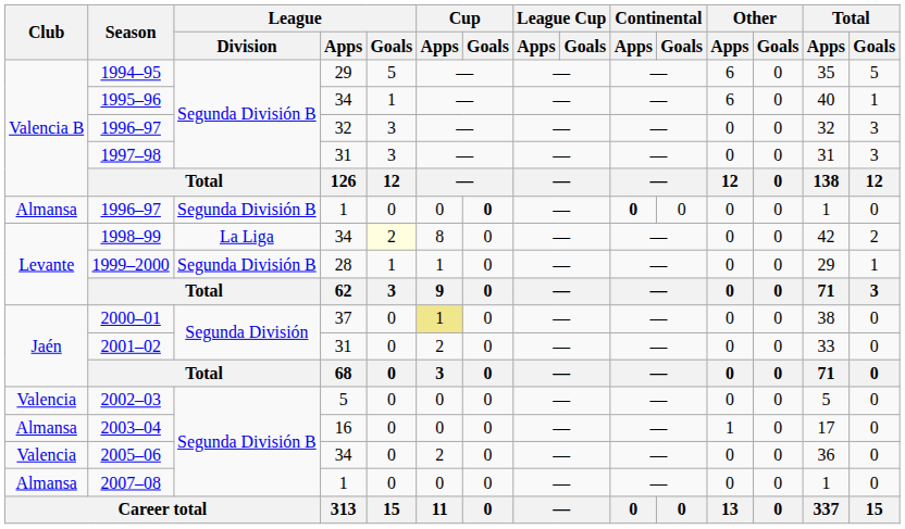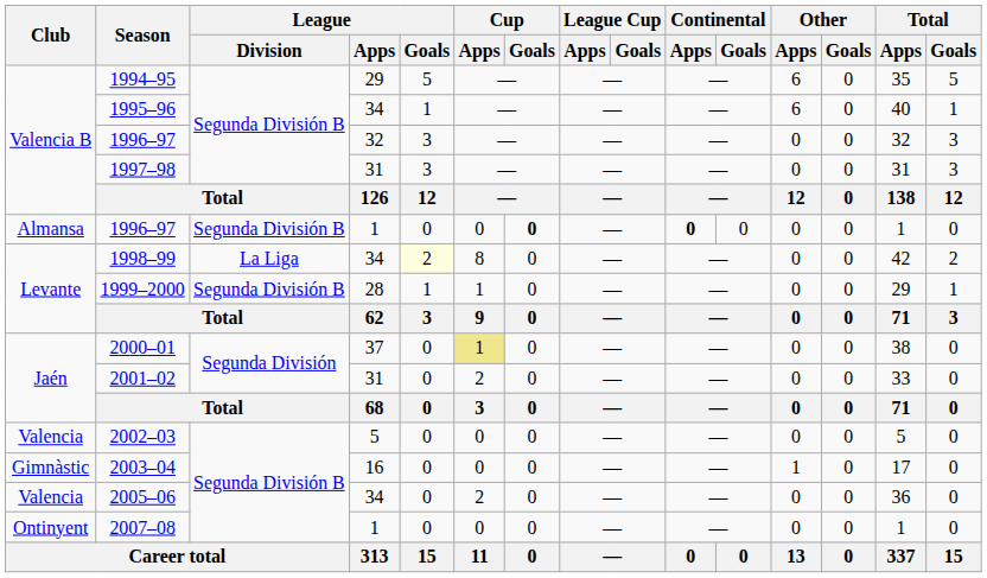 <table class="wikitable" style="text-align:center">
 <tr>
 <th rowspan="2">Club</th>
 <th rowspan="2">Season</th>
 <th colspan="3">League</th>
 <th colspan="2">Cup</th>
 <th colspan="2">League Cup</th>
 <th colspan="2">Continental</th>
 <th colspan="2">Other</th>
 <th colspan="2">Total</th>
 </tr>
 <tr>
 <th>Division</th>
 <th>Apps</th>
 <th>Goals</th>
 <th>Apps</th>
 <th>Goals</th>
 <th>Apps</th>
 <th>Goals</th>
 <th>Apps</th>
 <th>Goals</th>
 <th>Apps</th>
 <th>Goals</th>
 <th>Apps</th>
 <th>Goals</th>
 </tr>
 <tr>
 <td rowspan="5"><a href='#'>Valencia B</a></td>
 <td><a href='#'>1994–95</a></td>
 <td rowspan="4"><a href='#'>Segunda División B</a></td>
 <td>29</td>
 <td>5</td>
 <td colspan="2">—</td>
 <td colspan="2">—</td>
 <td colspan="2">—</td>
 <td>6</td>
 <td>0</td>
 <td>35</td>
 <td>5</td>
 </tr>
 <tr>
 <td><a href='#'>1995–96</a></td>
 <td>34</td>
 <td>1</td>
 <td colspan="2">—</td>
 <td colspan="2">—</td>
 <td colspan="2">—</td>
 <td>6</td>
 <td>0</td>
 <td>40</td>
 <td>1</td>
 </tr>
 <tr>
 <td><a href='#'>1996–97</a></td>
 <td>32</td>
 <td>3</td>
 <td colspan="2">—</td>
 <td colspan="2">—</td>
 <td colspan="2">—</td>
 <td>0</td>
 <td>0</td>
 <td>32</td>
 <td>3</td>
 </tr>
 <tr>
 <td><a href='#'>1997–98</a></td>
 <td>31</td>
 <td>3</td>
 <td colspan="2">—</td>
 <td colspan="2">—</td>
 <td colspan="2">—</td>
 <td>0</td>
 <td>0</td>
 <td>31</td>
 <td>3</td>
 </tr>
 <tr>
 <th colspan="2">Total</th>
 <th>126</th>
 <th>12</th>
 <th colspan="2">—</th>
 <th colspan="2">—</th>
 <th colspan="2">—</th>
 <th>12</th>
 <th>0</th>
 <th>138</th>
 <th>12</th>
 </tr>
 <tr>
 <td rowspan="1"><a href='#'>Almansa</a></td>
 <td><a href='#'>1996–97</a></td>
 <td rowspan="1"><a href='#'>Segunda División B</a></td>
 <td>1</td>
 <td>0</td>
 <td>0</td>
 <td><strong>0</strong></td>
 <td colspan="2">—</td>
 <td><strong>0</strong></td>
 <td>0</td>
 <td>0</td>
 <td>0</td>
 <td>1</td>
 <td>0</td>
 </tr>
 <tr>
 <td rowspan="3"><a href='#'>Levante</a></td>
 <td><a href='#'>1998–99</a></td>
 <td rowspan="1"><a href='#'>La Liga</a></td>
 <td>34</td>
 <td style="background: lightyellow;">2</td>
 <td>8</td>
 <td>0</td>
 <td colspan="2">—</td>
 <td colspan="2">—</td>
 <td>0</td>
 <td>0</td>
 <td>42</td>
 <td>2</td>
 </tr>
 <tr>
 <td><a href='#'>1999–2000</a></td>
 <td rowspan="1"><a href='#'>Segunda División B</a></td>
 <td>28</td>
 <td>1</td>
 <td>1</td>
 <td>0</td>
 <td colspan="2">—</td>
 <td colspan="2">—</td>
 <td>0</td>
 <td>0</td>
 <td>29</td>
 <td>1</td>
 </tr>
 <tr>
 <th colspan="2">Total</th>
 <th>62</th>
 <th>3</th>
 <th>9</th>
 <th>0</th>
 <th colspan="2">—</th>
 <th colspan="2">—</th>
 <th>0</th>
 <th>0</th>
 <th>71</th>
 <th>3</th>
 </tr>
 <tr>
 <td rowspan="3"><a href='#'>Jaén</a></td>
 <td><a href='#'>2000–01</a></td>
 <td rowspan="2"><a href='#'>Segunda División</a></td>
 <td>37</td>
 <td>0</td>
 <td style="background: khaki;">1</td>
 <td>0</td>
 <td colspan="2">—</td>
 <td colspan="2">—</td>
 <td>0</td>
 <td>0</td>
 <td>38</td>
 <td>0</td>
 </tr>
 <tr>
 <td><a href='#'>2001–02</a></td>
 <td>31</td>
 <td>0</td>
 <td>2</td>
 <td>0</td>
 <td colspan="2">—</td>
 <td colspan="2">—</td>
 <td>0</td>
 <td>0</td>
 <td>33</td>
 <td>0</td>
 </tr>
 <tr>
 <th colspan="2">Total</th>
 <th>68</th>
 <th>0</th>
 <th>3</th>
 <th>0</th>
 <th colspan="2">—</th>
 <th colspan="2">—</th>
 <th>0</th>
 <th>0</th>
 <th>71</th>
 <th>0</th>
 </tr>
 <tr>
 <td rowspan="1"><a href='#'>Valencia</a></td>
 <td><a href='#'>2002–03</a></td>
 <td rowspan="4"><a href='#'>Segunda División B</a></td>
 <td>5</td>
 <td>0</td>
 <td>0</td>
 <td>0</td>
 <td colspan="2">—</td>
 <td colspan="2">—</td>
 <td>0</td>
 <td>0</td>
 <td>5</td>
 <td>0</td>
 </tr>
 <tr>
-<td rowspan="1"><a href='#'>Almansa</a></td>
+<td rowspan="1"><a href='#'>Gimnàstic</a></td>
 <td><a href='#'>2003–04</a></td>
 <td>16</td>
 <td>0</td>
 <td>0</td>
 <td>0</td>
 <td colspan="2">—</td>
 <td colspan="2">—</td>
 <td>1</td>
 <td>0</td>
 <td>17</td>
 <td>0</td>
 </tr>
 <tr>
 <td rowspan="1"><a href='#'>Valencia</a></td>
 <td><a href='#'>2005–06</a></td>
 <td>34</td>
 <td>0</td>
 <td>2</td>
 <td>0</td>
 <td colspan="2">—</td>
 <td colspan="2">—</td>
 <td>0</td>
 <td>0</td>
 <td>36</td>
 <td>0</td>
 </tr>
 <tr>
-<td rowspan="1"><a href='#'>Almansa</a></td>
+<td rowspan="1"><a href='#'>Ontinyent</a></td>
 <td><a href='#'>2007–08</a></td>
 <td>1</td>
 <td>0</td>
 <td>0</td>
 <td>0</td>
 <td colspan="2">—</td>
 <td colspan="2">—</td>
 <td>0</td>
 <td>0</td>
 <td>1</td>
 <td>0</td>
 </tr>
 <tr>
 <th colspan="3">Career total</th>
 <th>313</th>
 <th>15</th>
 <th>11</th>
 <th>0</th>
 <th colspan="2">—</th>
 <th>0</th>
 <th>0</th>
 <th>13</th>
 <th>0</th>
 <th>337</th>
 <th>15</th>
 </tr>
 </table>
